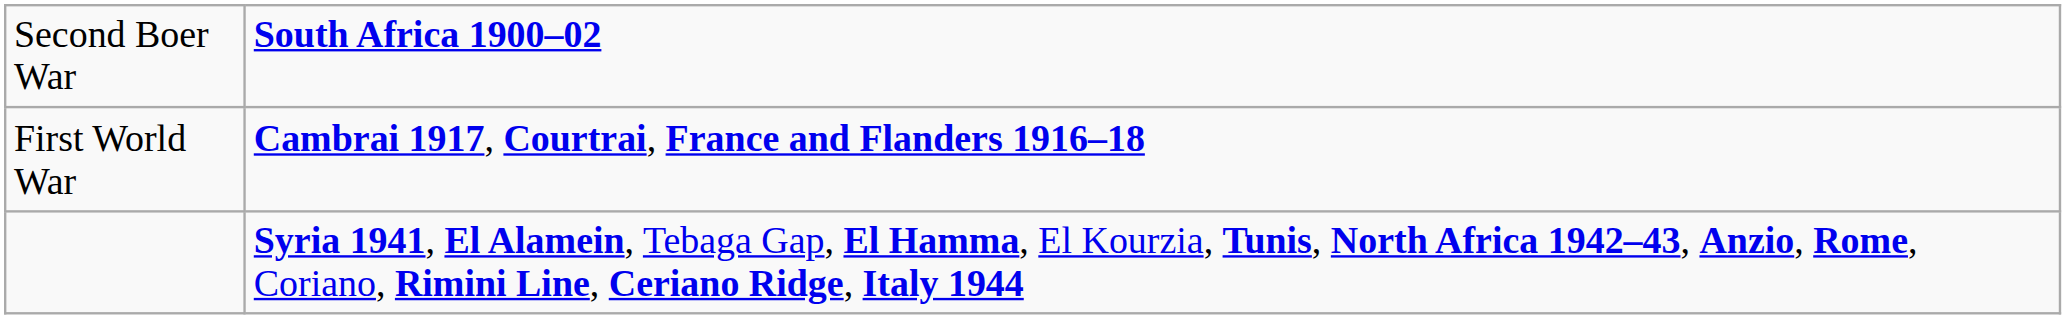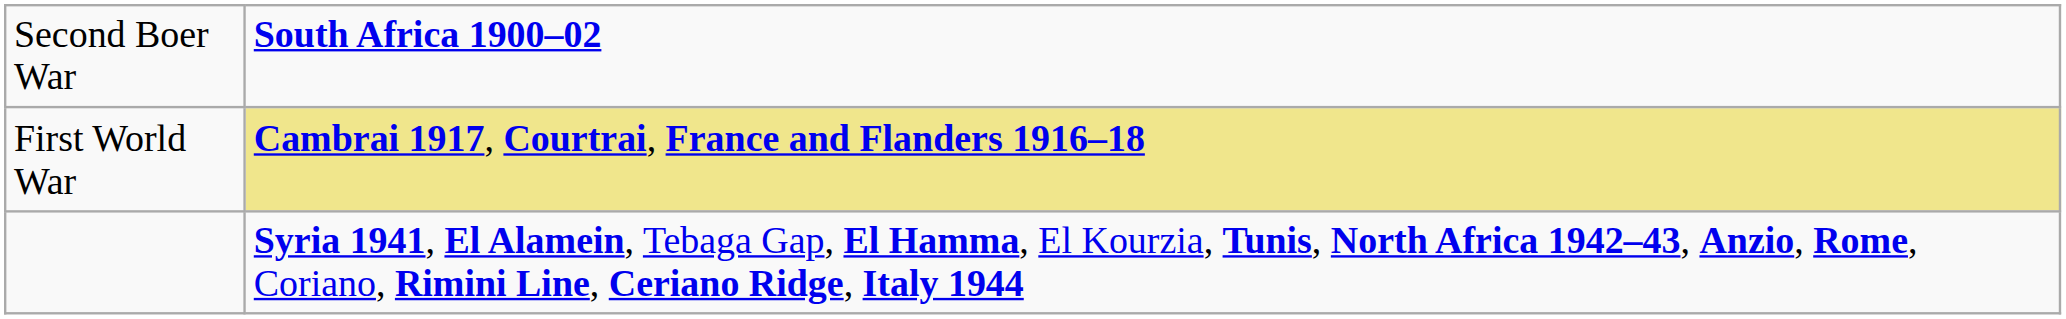 <table class="wikitable">
 <tr valign=top>
 <td>Second Boer War</td>
 <td><strong><a href='#'>South Africa 1900–02</a></strong></td>
 </tr>
 <tr valign=top>
 <td>First World War</td>
-<td><strong><a href='#'>Cambrai 1917</a></strong>, <strong><a href='#'>Courtrai</a></strong>, <strong><a href='#'>France and Flanders 1916–18</a></strong></td>
+<td style="background: khaki;"><strong><a href='#'>Cambrai 1917</a></strong>, <strong><a href='#'>Courtrai</a></strong>, <strong><a href='#'>France and Flanders 1916–18</a></strong></td>
 </tr>
 <tr valign=top>
 <td></td>
 <td><strong><a href='#'>Syria 1941</a></strong>, <strong><a href='#'>El Alamein</a></strong>, <a href='#'>Tebaga Gap</a>, <strong><a href='#'>El Hamma</a></strong>, <a href='#'>El Kourzia</a>, <strong><a href='#'>Tunis</a></strong>, <strong><a href='#'>North Africa 1942–43</a></strong>, <strong><a href='#'>Anzio</a></strong>, <strong><a href='#'>Rome</a></strong>, <a href='#'>Coriano</a>, <strong><a href='#'>Rimini Line</a></strong>, <strong><a href='#'>Ceriano Ridge</a></strong>, <strong><a href='#'>Italy 1944</a></strong></td>
 </tr>
 </table>
